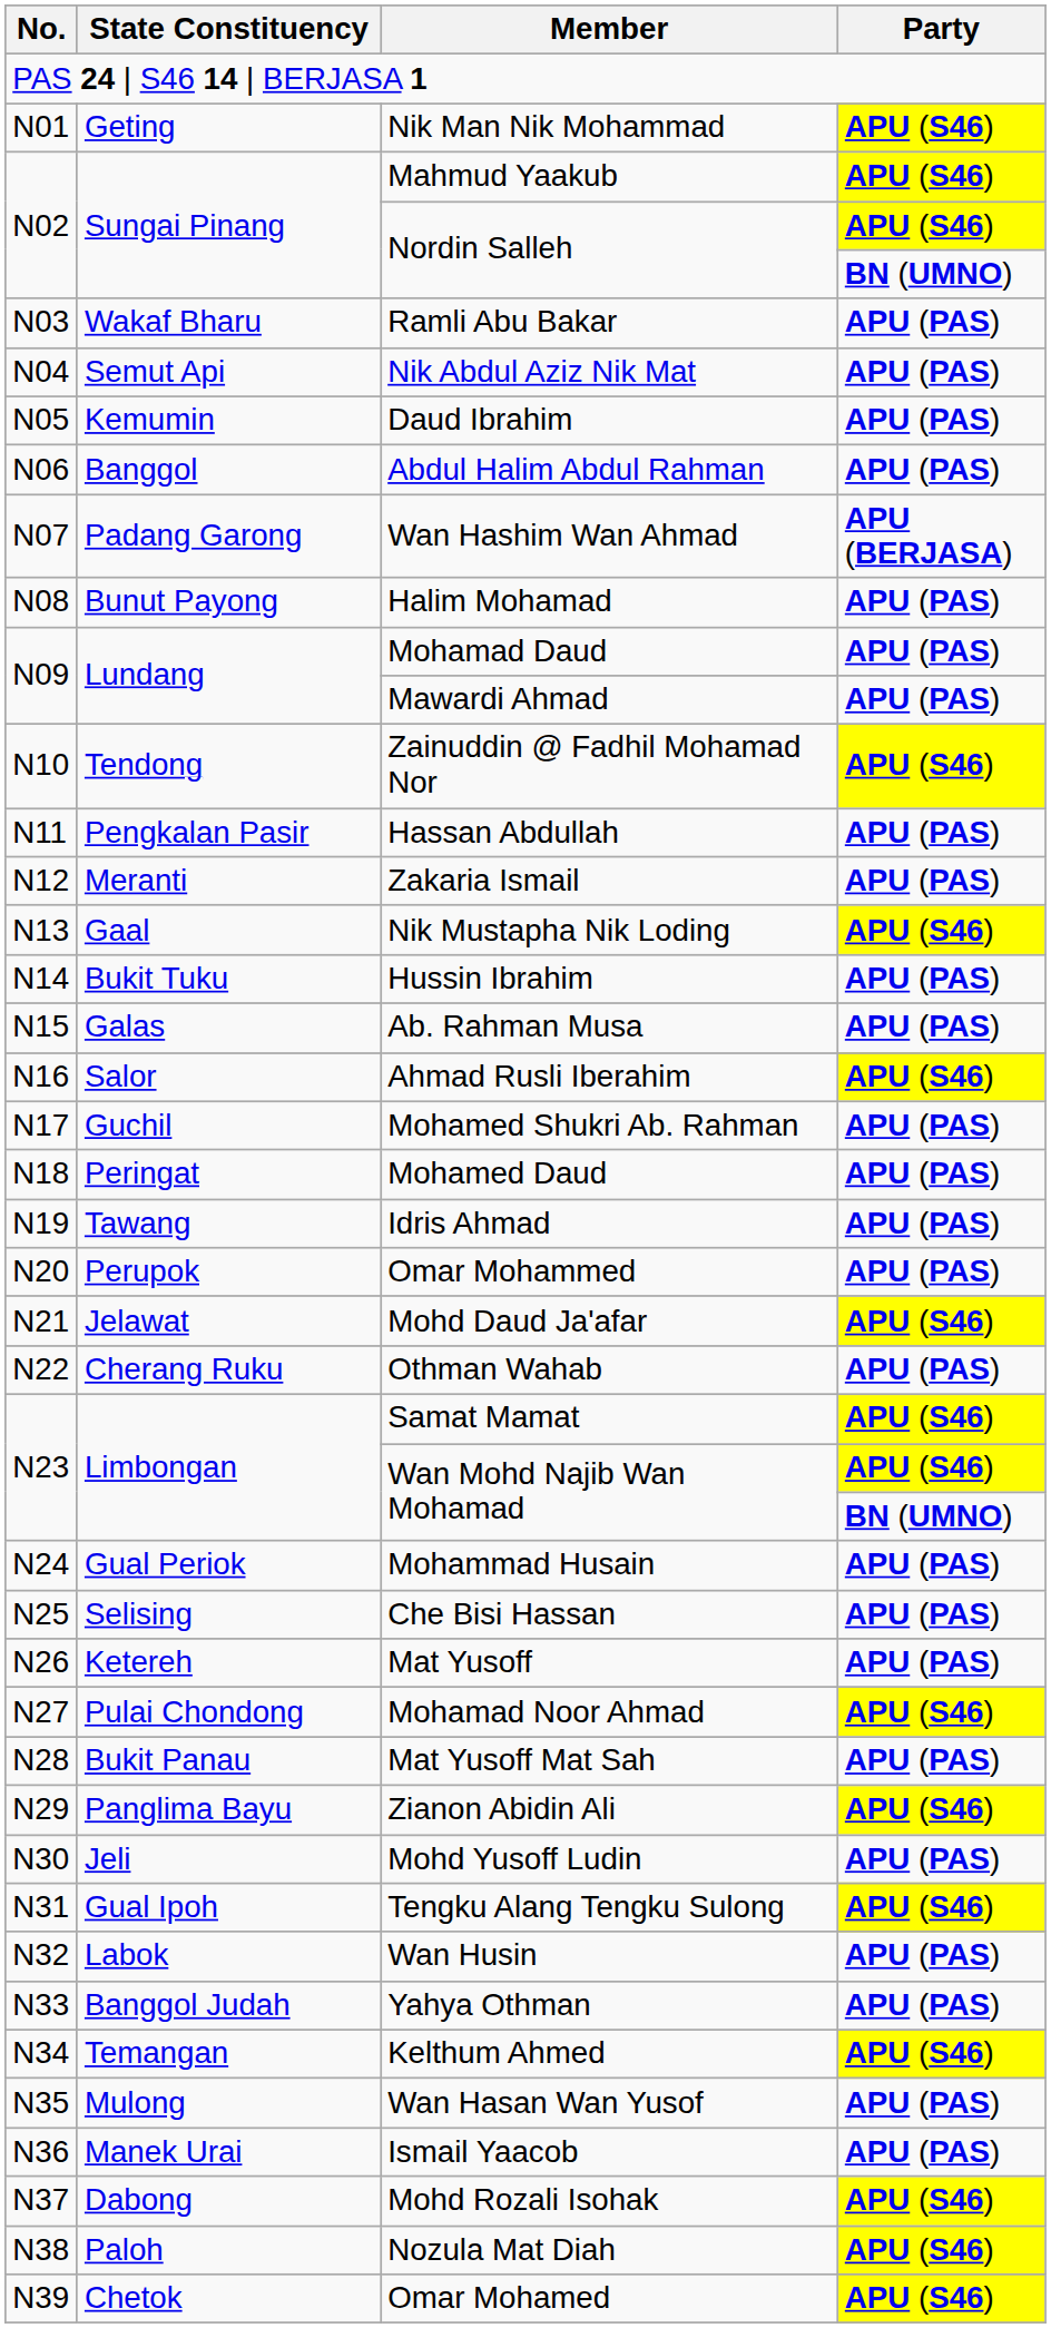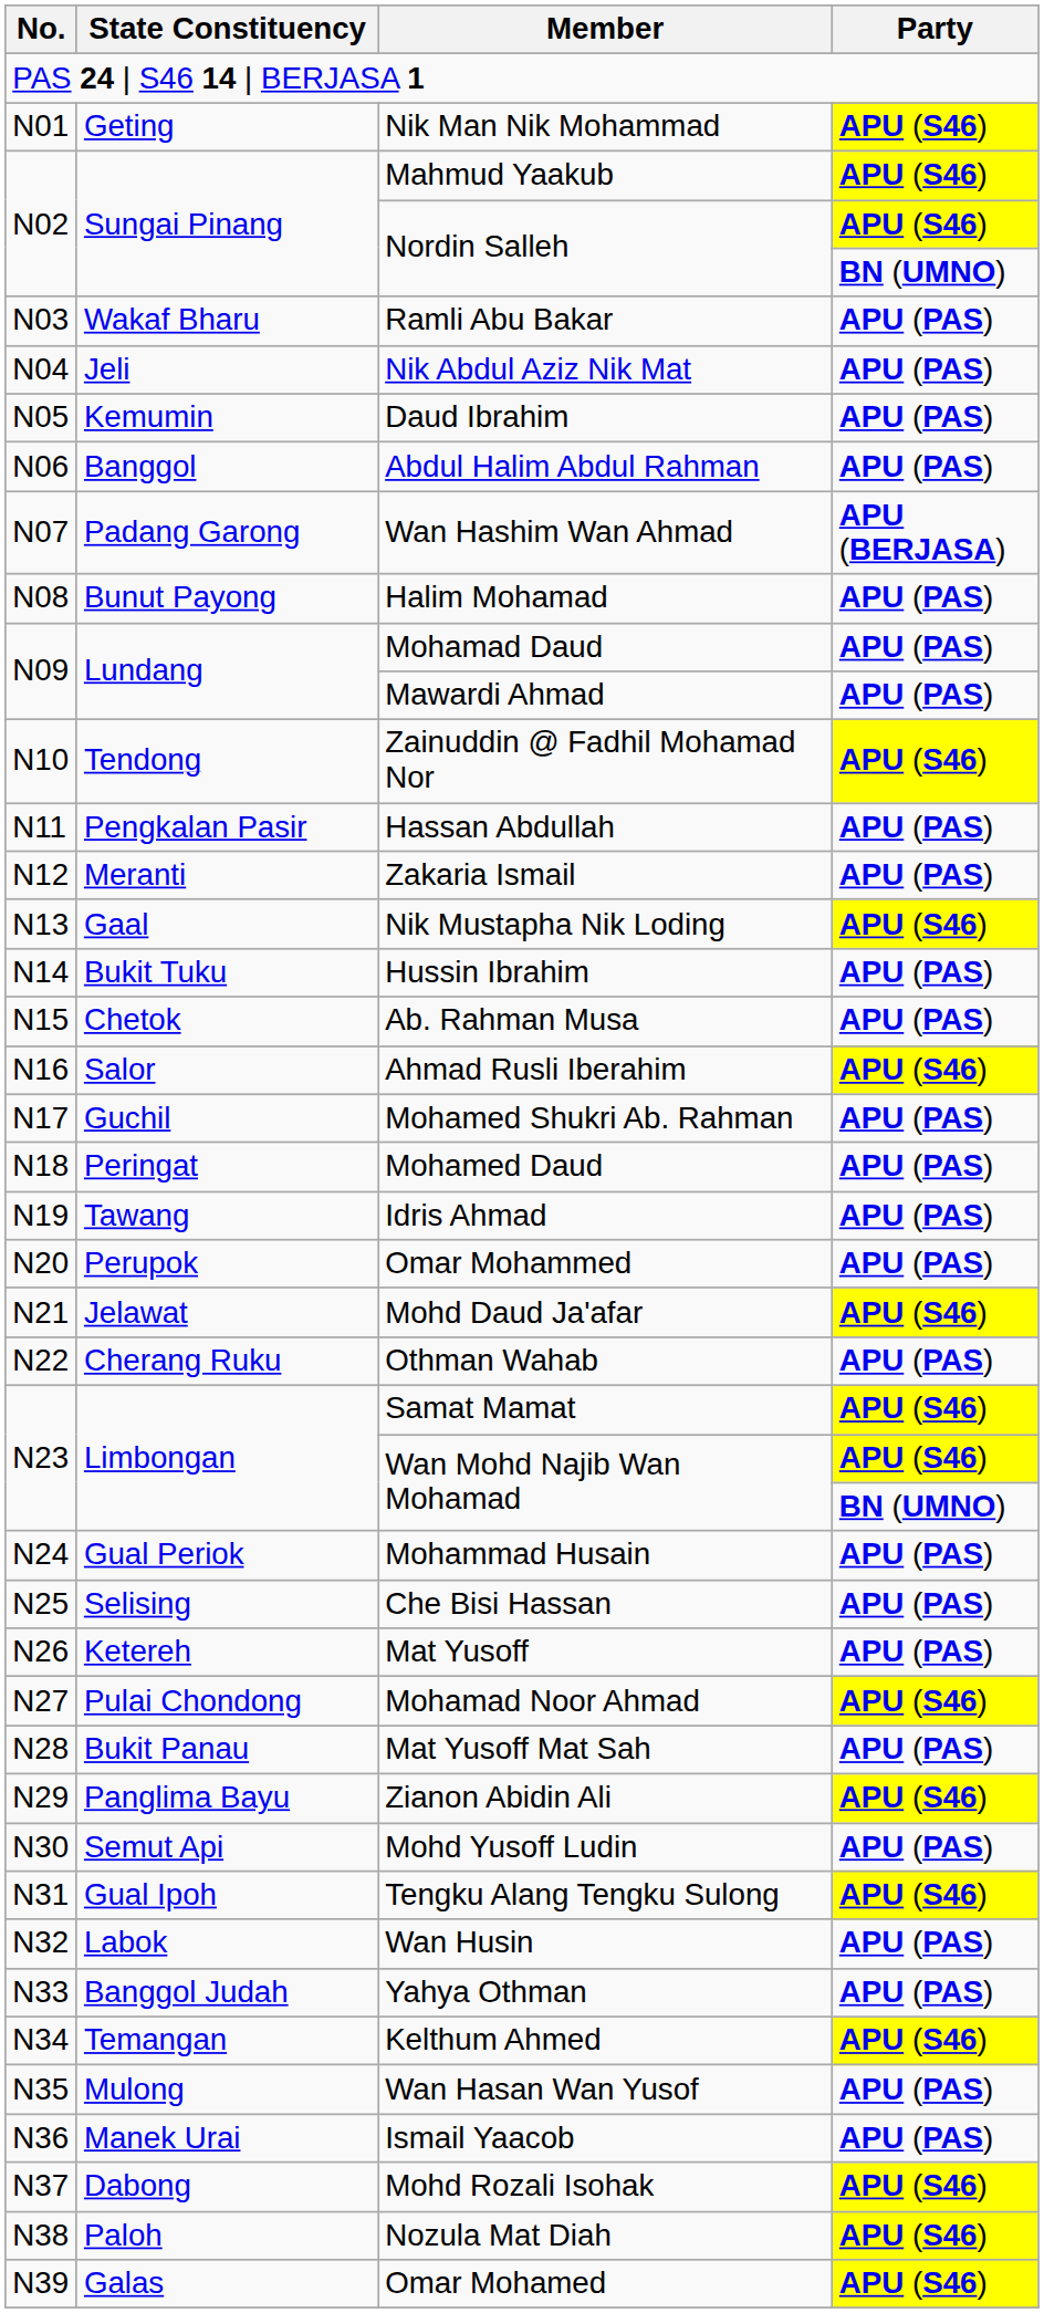 <table class="wikitable sortable">
 <tr>
 <th style="width:30px;">No.</th>
 <th style="width:150px;">State Constituency</th>
 <th style="width:230px;">Member</th>
 <th style="width:100px;">Party</th>
 </tr>
 <tr>
 <td colspan="4"><a href='#'>PAS</a> <strong>24</strong> | <a href='#'>S46</a> <strong>14</strong> | <a href='#'>BERJASA</a> <strong>1</strong></td>
 </tr>
 <tr>
 <td>N01</td>
 <td><a href='#'>Geting</a></td>
 <td>Nik Man Nik Mohammad</td>
 <td bgcolor="yellow"><strong><a href='#'>APU</a></strong> (<strong><a href='#'>S46</a></strong>)</td>
 </tr>
 <tr>
 <td rowspan=3>N02</td>
 <td rowspan=3><a href='#'>Sungai Pinang</a></td>
 <td>Mahmud Yaakub </td>
 <td bgcolor="yellow"><strong><a href='#'>APU</a></strong> (<strong><a href='#'>S46</a></strong>)</td>
 </tr>
 <tr>
 <td rowspan=2>Nordin Salleh </td>
 <td bgcolor="yellow"><strong><a href='#'>APU</a></strong> (<strong><a href='#'>S46</a></strong>)</td>
 </tr>
 <tr>
 <td><strong><a href='#'>BN</a></strong> (<strong><a href='#'>UMNO</a></strong>)</td>
 </tr>
 <tr>
 <td>N03</td>
 <td><a href='#'>Wakaf Bharu</a></td>
 <td>Ramli Abu Bakar</td>
 <td><strong><a href='#'>APU</a></strong> (<strong><a href='#'>PAS</a></strong>)</td>
 </tr>
 <tr>
 <td>N04</td>
-<td><a href='#'>Semut Api</a></td>
+<td><a href='#'>Jeli</a></td>
 <td><a href='#'>Nik Abdul Aziz Nik Mat</a></td>
 <td><strong><a href='#'>APU</a></strong> (<strong><a href='#'>PAS</a></strong>)</td>
 </tr>
 <tr>
 <td>N05</td>
 <td><a href='#'>Kemumin</a></td>
 <td>Daud Ibrahim</td>
 <td><strong><a href='#'>APU</a></strong> (<strong><a href='#'>PAS</a></strong>)</td>
 </tr>
 <tr>
 <td>N06</td>
 <td><a href='#'>Banggol</a></td>
 <td><a href='#'>Abdul Halim Abdul Rahman</a></td>
 <td><strong><a href='#'>APU</a></strong> (<strong><a href='#'>PAS</a></strong>)</td>
 </tr>
 <tr>
 <td>N07</td>
 <td><a href='#'>Padang Garong</a></td>
 <td>Wan Hashim Wan Ahmad</td>
 <td><strong><a href='#'>APU</a></strong> (<strong><a href='#'>BERJASA</a></strong>)</td>
 </tr>
 <tr>
 <td>N08</td>
 <td><a href='#'>Bunut Payong</a></td>
 <td>Halim Mohamad</td>
 <td><strong><a href='#'>APU</a></strong> (<strong><a href='#'>PAS</a></strong>)</td>
 </tr>
 <tr>
 <td rowspan=2>N09</td>
 <td rowspan=2><a href='#'>Lundang</a></td>
 <td>Mohamad Daud </td>
 <td><strong><a href='#'>APU</a></strong> (<strong><a href='#'>PAS</a></strong>)</td>
 </tr>
 <tr>
 <td>Mawardi Ahmad </td>
 <td><strong><a href='#'>APU</a></strong> (<strong><a href='#'>PAS</a></strong>)</td>
 </tr>
 <tr>
 <td>N10</td>
 <td><a href='#'>Tendong</a></td>
 <td>Zainuddin @ Fadhil Mohamad Nor</td>
 <td bgcolor="yellow"><strong><a href='#'>APU</a></strong> (<strong><a href='#'>S46</a></strong>)</td>
 </tr>
 <tr>
 <td>N11</td>
 <td><a href='#'>Pengkalan Pasir</a></td>
 <td>Hassan Abdullah</td>
 <td><strong><a href='#'>APU</a></strong> (<strong><a href='#'>PAS</a></strong>)</td>
 </tr>
 <tr>
 <td>N12</td>
 <td><a href='#'>Meranti</a></td>
 <td>Zakaria Ismail</td>
 <td><strong><a href='#'>APU</a></strong> (<strong><a href='#'>PAS</a></strong>)</td>
 </tr>
 <tr>
 <td>N13</td>
 <td><a href='#'>Gaal</a></td>
 <td>Nik Mustapha Nik Loding</td>
 <td bgcolor="yellow"><strong><a href='#'>APU</a></strong> (<strong><a href='#'>S46</a></strong>)</td>
 </tr>
 <tr>
 <td>N14</td>
 <td><a href='#'>Bukit Tuku</a></td>
 <td>Hussin Ibrahim</td>
 <td><strong><a href='#'>APU</a></strong> (<strong><a href='#'>PAS</a></strong>)</td>
 </tr>
 <tr>
 <td>N15</td>
-<td><a href='#'>Galas</a></td>
+<td><a href='#'>Chetok</a></td>
 <td>Ab. Rahman Musa</td>
 <td><strong><a href='#'>APU</a></strong> (<strong><a href='#'>PAS</a></strong>)</td>
 </tr>
 <tr>
 <td>N16</td>
 <td><a href='#'>Salor</a></td>
 <td>Ahmad Rusli Iberahim</td>
 <td bgcolor="yellow"><strong><a href='#'>APU</a></strong> (<strong><a href='#'>S46</a></strong>)</td>
 </tr>
 <tr>
 <td>N17</td>
 <td><a href='#'>Guchil</a></td>
 <td>Mohamed Shukri Ab. Rahman</td>
 <td><strong><a href='#'>APU</a></strong> (<strong><a href='#'>PAS</a></strong>)</td>
 </tr>
 <tr>
 <td>N18</td>
 <td><a href='#'>Peringat</a></td>
 <td>Mohamed Daud</td>
 <td><strong><a href='#'>APU</a></strong> (<strong><a href='#'>PAS</a></strong>)</td>
 </tr>
 <tr>
 <td>N19</td>
 <td><a href='#'>Tawang</a></td>
 <td>Idris Ahmad</td>
 <td><strong><a href='#'>APU</a></strong> (<strong><a href='#'>PAS</a></strong>)</td>
 </tr>
 <tr>
 <td>N20</td>
 <td><a href='#'>Perupok</a></td>
 <td>Omar Mohammed</td>
 <td><strong><a href='#'>APU</a></strong> (<strong><a href='#'>PAS</a></strong>)</td>
 </tr>
 <tr>
 <td>N21</td>
 <td><a href='#'>Jelawat</a></td>
 <td>Mohd Daud Ja'afar</td>
 <td bgcolor="yellow"><strong><a href='#'>APU</a></strong> (<strong><a href='#'>S46</a></strong>)</td>
 </tr>
 <tr>
 <td>N22</td>
 <td><a href='#'>Cherang Ruku</a></td>
 <td>Othman Wahab</td>
 <td><strong><a href='#'>APU</a></strong> (<strong><a href='#'>PAS</a></strong>)</td>
 </tr>
 <tr>
 <td rowspan=3>N23</td>
 <td rowspan=3><a href='#'>Limbongan</a></td>
 <td>Samat Mamat </td>
 <td bgcolor="yellow"><strong><a href='#'>APU</a></strong> (<strong><a href='#'>S46</a></strong>)</td>
 </tr>
 <tr>
 <td rowspan=2>Wan Mohd Najib Wan Mohamad </td>
 <td bgcolor="yellow"><strong><a href='#'>APU</a></strong> (<strong><a href='#'>S46</a></strong>)</td>
 </tr>
 <tr>
 <td><strong><a href='#'>BN</a></strong> (<strong><a href='#'>UMNO</a></strong>)</td>
 </tr>
 <tr>
 <td>N24</td>
 <td><a href='#'>Gual Periok</a></td>
 <td>Mohammad Husain</td>
 <td><strong><a href='#'>APU</a></strong> (<strong><a href='#'>PAS</a></strong>)</td>
 </tr>
 <tr>
 <td>N25</td>
 <td><a href='#'>Selising</a></td>
 <td>Che Bisi Hassan</td>
 <td><strong><a href='#'>APU</a></strong> (<strong><a href='#'>PAS</a></strong>)</td>
 </tr>
 <tr>
 <td>N26</td>
 <td><a href='#'>Ketereh</a></td>
 <td>Mat Yusoff</td>
 <td><strong><a href='#'>APU</a></strong> (<strong><a href='#'>PAS</a></strong>)</td>
 </tr>
 <tr>
 <td>N27</td>
 <td><a href='#'>Pulai Chondong</a></td>
 <td>Mohamad Noor Ahmad</td>
 <td bgcolor="yellow"><strong><a href='#'>APU</a></strong> (<strong><a href='#'>S46</a></strong>)</td>
 </tr>
 <tr>
 <td>N28</td>
 <td><a href='#'>Bukit Panau</a></td>
 <td>Mat Yusoff Mat Sah</td>
 <td><strong><a href='#'>APU</a></strong> (<strong><a href='#'>PAS</a></strong>)</td>
 </tr>
 <tr>
 <td>N29</td>
 <td><a href='#'>Panglima Bayu</a></td>
 <td>Zianon Abidin Ali</td>
 <td bgcolor="yellow"><strong><a href='#'>APU</a></strong> (<strong><a href='#'>S46</a></strong>)</td>
 </tr>
 <tr>
 <td>N30</td>
-<td><a href='#'>Jeli</a></td>
+<td><a href='#'>Semut Api</a></td>
 <td>Mohd Yusoff Ludin</td>
 <td><strong><a href='#'>APU</a></strong> (<strong><a href='#'>PAS</a></strong>)</td>
 </tr>
 <tr>
 <td>N31</td>
 <td><a href='#'>Gual Ipoh</a></td>
 <td>Tengku Alang Tengku Sulong</td>
 <td bgcolor="yellow"><strong><a href='#'>APU</a></strong> (<strong><a href='#'>S46</a></strong>)</td>
 </tr>
 <tr>
 <td>N32</td>
 <td><a href='#'>Labok</a></td>
 <td>Wan Husin</td>
 <td><strong><a href='#'>APU</a></strong> (<strong><a href='#'>PAS</a></strong>)</td>
 </tr>
 <tr>
 <td>N33</td>
 <td><a href='#'>Banggol Judah</a></td>
 <td>Yahya Othman</td>
 <td><strong><a href='#'>APU</a></strong> (<strong><a href='#'>PAS</a></strong>)</td>
 </tr>
 <tr>
 <td>N34</td>
 <td><a href='#'>Temangan</a></td>
 <td>Kelthum Ahmed</td>
 <td bgcolor="yellow"><strong><a href='#'>APU</a></strong> (<strong><a href='#'>S46</a></strong>)</td>
 </tr>
 <tr>
 <td>N35</td>
 <td><a href='#'>Mulong</a></td>
 <td>Wan Hasan Wan Yusof</td>
 <td><strong><a href='#'>APU</a></strong> (<strong><a href='#'>PAS</a></strong>)</td>
 </tr>
 <tr>
 <td>N36</td>
 <td><a href='#'>Manek Urai</a></td>
 <td>Ismail Yaacob</td>
 <td><strong><a href='#'>APU</a></strong> (<strong><a href='#'>PAS</a></strong>)</td>
 </tr>
 <tr>
 <td>N37</td>
 <td><a href='#'>Dabong</a></td>
 <td>Mohd Rozali Isohak</td>
 <td bgcolor="yellow"><strong><a href='#'>APU</a></strong> (<strong><a href='#'>S46</a></strong>)</td>
 </tr>
 <tr>
 <td>N38</td>
 <td><a href='#'>Paloh</a></td>
 <td>Nozula Mat Diah</td>
 <td bgcolor="yellow"><strong><a href='#'>APU</a></strong> (<strong><a href='#'>S46</a></strong>)</td>
 </tr>
 <tr>
 <td>N39</td>
-<td><a href='#'>Chetok</a></td>
+<td><a href='#'>Galas</a></td>
 <td>Omar Mohamed</td>
 <td bgcolor="yellow"><strong><a href='#'>APU</a></strong> (<strong><a href='#'>S46</a></strong>)</td>
 </tr>
 </table>
